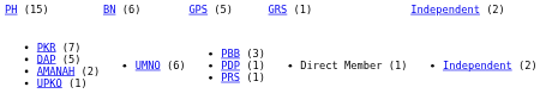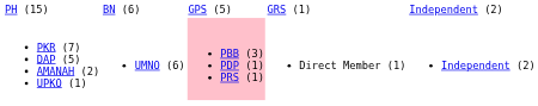 <table class="mw-collapsible mw-collapsed">
 <tr>
 <td> <a href='#'>PH</a> (15)</td>
 <td> <a href='#'>BN</a> (6)</td>
 <td> <a href='#'>GPS</a> (5)</td>
 <td> <a href='#'>GRS</a> (1)</td>
 <td> <a href='#'>Independent</a> (2)</td>
 </tr>
 <tr>
 <td><br><ul><li> <a href='#'>PKR</a> (7)</li><li> <a href='#'>DAP</a> (5)</li><li> <a href='#'>AMANAH</a> (2)</li><li> <a href='#'>UPKO</a> (1)</li></ul></td>
 <td><br><ul><li> <a href='#'>UMNO</a> (6)</li></ul></td>
-<td><br><ul><li> <a href='#'>PBB</a> (3)</li><li> <a href='#'>PDP</a> (1)</li><li> <a href='#'>PRS</a> (1)</li></ul></td>
+<td style="background: pink;"><br><ul><li> <a href='#'>PBB</a> (3)</li><li> <a href='#'>PDP</a> (1)</li><li> <a href='#'>PRS</a> (1)</li></ul></td>
 <td><br><ul><li> Direct Member (1)</li></ul></td>
 <td><br><ul><li> <a href='#'>Independent</a> (2)</li></ul></td>
 </tr>
 <tr>
 </tr>
 </table>
